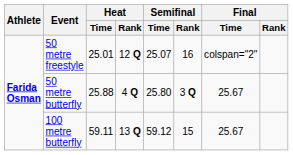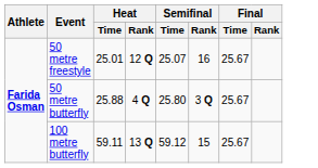 <table class="wikitable" style="text-align:center; font-size:90%; width:50%;">
 <tr>
 <th rowspan="2">Athlete</th>
 <th rowspan="2">Event</th>
 <th colspan="2">Heat</th>
 <th colspan="2">Semifinal</th>
 <th colspan="2">Final</th>
 </tr>
 <tr style="font-size:95%">
 <th>Time</th>
 <th>Rank</th>
 <th>Time</th>
 <th>Rank</th>
 <th>Time</th>
 <th>Rank</th>
 </tr>
 <tr>
 <td align=left rowspan=3><strong><a href='#'>Farida Osman</a></strong></td>
 <td align=left><a href='#'>50 metre freestyle</a></td>
 <td>25.01</td>
 <td>12 <strong>Q</strong></td>
 <td>25.07</td>
 <td>16</td>
-<td>colspan="2" </td>
+<td>25.67</td>
 </tr>
 <tr>
 <td align=left><a href='#'>50 metre butterfly</a></td>
 <td>25.88</td>
 <td>4 <strong>Q</strong></td>
 <td>25.80</td>
 <td>3 <strong>Q</strong></td>
 <td>25.67</td>
 <td></td>
 </tr>
 <tr align=center>
 <td align=left><a href='#'>100 metre butterfly</a></td>
 <td>59.11</td>
 <td>13 <strong>Q</strong></td>
 <td>59.12</td>
 <td>15</td>
 <td>25.67</td>
 </tr>
 </table>
